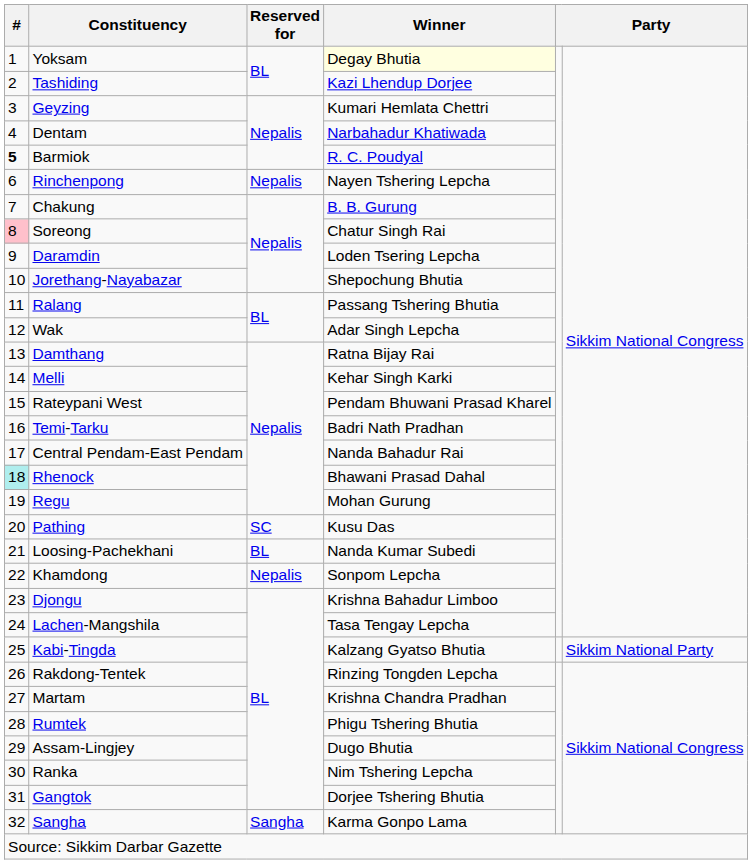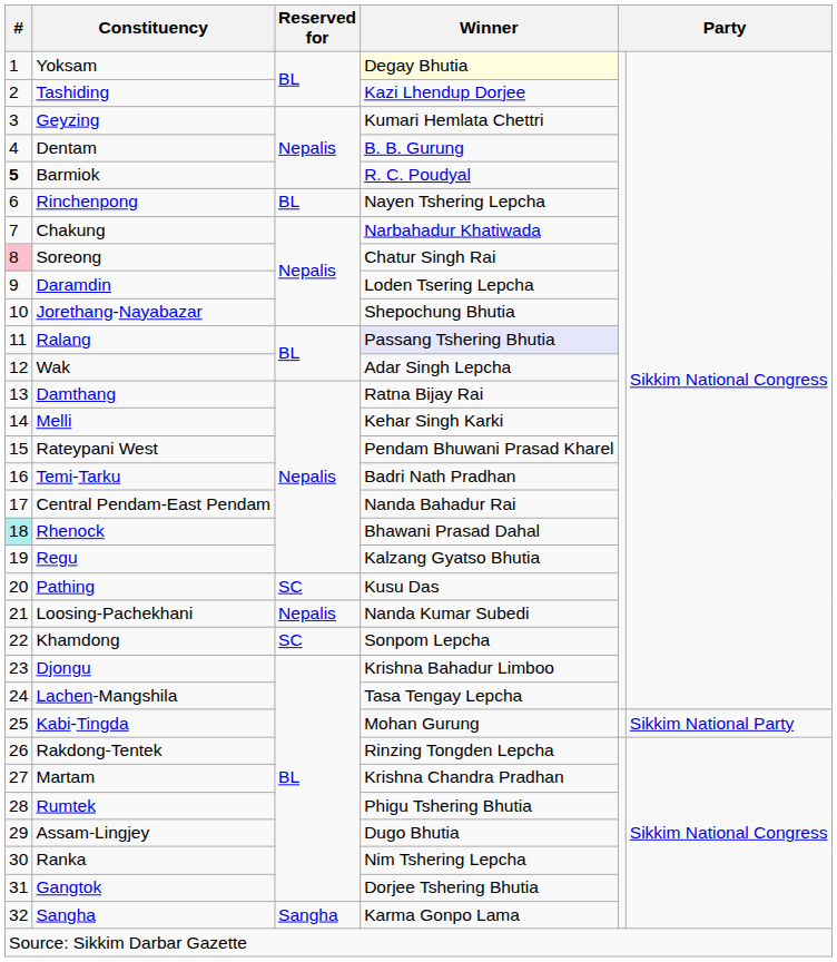 <table class="wikitable sortable">
 <tr>
 <th>#</th>
 <th>Constituency</th>
 <th>Reserved<br>for</th>
 <th>Winner</th>
 <th colspan=2>Party</th>
 </tr>
 <tr>
 <td>1</td>
 <td>Yoksam</td>
 <td rowspan=2><a href='#'>BL</a></td>
 <td style="background: lightyellow;">Degay Bhutia</td>
 <td rowspan=24 style="background-color: "></td>
 <td rowspan=24><a href='#'>Sikkim National Congress</a></td>
 </tr>
 <tr>
 <td>2</td>
 <td><a href='#'>Tashiding</a></td>
 <td><a href='#'>Kazi Lhendup Dorjee</a></td>
 </tr>
 <tr>
 <td>3</td>
 <td><a href='#'>Geyzing</a></td>
 <td rowspan=3><a href='#'>Nepalis</a></td>
 <td>Kumari Hemlata Chettri</td>
 </tr>
 <tr>
 <td>4</td>
 <td>Dentam</td>
-<td><a href='#'>Narbahadur Khatiwada</a></td>
+<td><a href='#'>B. B. Gurung</a></td>
 </tr>
 <tr>
 <td><strong>5</strong></td>
 <td>Barmiok</td>
 <td><a href='#'>R. C. Poudyal</a></td>
 </tr>
 <tr>
 <td>6</td>
 <td><a href='#'>Rinchenpong</a></td>
-<td><a href='#'>Nepalis</a></td>
+<td><a href='#'>BL</a></td>
 <td>Nayen Tshering Lepcha</td>
 </tr>
 <tr>
 <td>7</td>
 <td>Chakung</td>
 <td rowspan=4><a href='#'>Nepalis</a></td>
-<td><a href='#'>B. B. Gurung</a></td>
+<td><a href='#'>Narbahadur Khatiwada</a></td>
 </tr>
 <tr>
 <td style="background: pink;">8</td>
 <td>Soreong</td>
 <td>Chatur Singh Rai</td>
 </tr>
 <tr>
 <td>9</td>
 <td><a href='#'>Daramdin</a></td>
 <td>Loden Tsering Lepcha</td>
 </tr>
 <tr>
 <td>10</td>
 <td><a href='#'>Jorethang</a>-<a href='#'>Nayabazar</a></td>
 <td>Shepochung Bhutia</td>
 </tr>
 <tr>
 <td>11</td>
 <td><a href='#'>Ralang</a></td>
 <td rowspan=2><a href='#'>BL</a></td>
-<td>Passang Tshering Bhutia</td>
+<td style="background: lavender;">Passang Tshering Bhutia</td>
 </tr>
 <tr>
 <td>12</td>
 <td>Wak</td>
 <td>Adar Singh Lepcha</td>
 </tr>
 <tr>
 <td>13</td>
 <td><a href='#'>Damthang</a></td>
 <td rowspan=7><a href='#'>Nepalis</a></td>
 <td>Ratna Bijay Rai</td>
 </tr>
 <tr>
 <td>14</td>
 <td><a href='#'>Melli</a></td>
 <td>Kehar Singh Karki</td>
 </tr>
 <tr>
 <td>15</td>
 <td>Rateypani West</td>
 <td>Pendam Bhuwani Prasad Kharel</td>
 </tr>
 <tr>
 <td>16</td>
 <td><a href='#'>Temi</a>-<a href='#'>Tarku</a></td>
 <td>Badri Nath Pradhan</td>
 </tr>
 <tr>
 <td>17</td>
 <td>Central Pendam-East Pendam</td>
 <td>Nanda Bahadur Rai</td>
 </tr>
 <tr>
 <td style="background: paleturquoise;">18</td>
 <td><a href='#'>Rhenock</a></td>
 <td>Bhawani Prasad Dahal</td>
 </tr>
 <tr>
 <td>19</td>
 <td><a href='#'>Regu</a></td>
-<td>Mohan Gurung</td>
+<td>Kalzang Gyatso Bhutia</td>
 </tr>
 <tr>
 <td>20</td>
 <td><a href='#'>Pathing</a></td>
 <td><a href='#'>SC</a></td>
 <td>Kusu Das</td>
 </tr>
 <tr>
 <td>21</td>
 <td>Loosing-Pachekhani</td>
-<td><a href='#'>BL</a></td>
+<td><a href='#'>Nepalis</a></td>
 <td>Nanda Kumar Subedi</td>
 </tr>
 <tr>
 <td>22</td>
 <td>Khamdong</td>
-<td><a href='#'>Nepalis</a></td>
+<td><a href='#'>SC</a></td>
 <td>Sonpom Lepcha</td>
 </tr>
 <tr>
 <td>23</td>
 <td><a href='#'>Djongu</a></td>
 <td rowspan=9><a href='#'>BL</a></td>
 <td>Krishna Bahadur Limboo</td>
 </tr>
 <tr>
 <td>24</td>
 <td><a href='#'>Lachen</a>-Mangshila</td>
 <td>Tasa Tengay Lepcha</td>
 </tr>
 <tr>
 <td>25</td>
 <td><a href='#'>Kabi</a>-<a href='#'>Tingda</a></td>
-<td>Kalzang Gyatso Bhutia</td>
+<td>Mohan Gurung</td>
 <td style="background-color: "></td>
 <td><a href='#'>Sikkim National Party</a></td>
 </tr>
 <tr>
 <td>26</td>
 <td>Rakdong-Tentek</td>
 <td>Rinzing Tongden Lepcha</td>
 <td rowspan=7 style="background-color: "></td>
 <td rowspan=7><a href='#'>Sikkim National Congress</a></td>
 </tr>
 <tr>
 <td>27</td>
 <td>Martam</td>
 <td>Krishna Chandra Pradhan</td>
 </tr>
 <tr>
 <td>28</td>
 <td><a href='#'>Rumtek</a></td>
 <td>Phigu Tshering Bhutia</td>
 </tr>
 <tr>
 <td>29</td>
 <td>Assam-Lingjey</td>
 <td>Dugo Bhutia</td>
 </tr>
 <tr>
 <td>30</td>
 <td>Ranka</td>
 <td>Nim Tshering Lepcha</td>
 </tr>
 <tr>
 <td>31</td>
 <td><a href='#'>Gangtok</a></td>
 <td>Dorjee Tshering Bhutia</td>
 </tr>
 <tr>
 <td>32</td>
 <td><a href='#'>Sangha</a></td>
 <td><a href='#'>Sangha</a></td>
 <td>Karma Gonpo Lama</td>
 </tr>
 <tr class="sortbottom">
 <td colspan=6>Source: Sikkim Darbar Gazette</td>
 </tr>
 </table>
